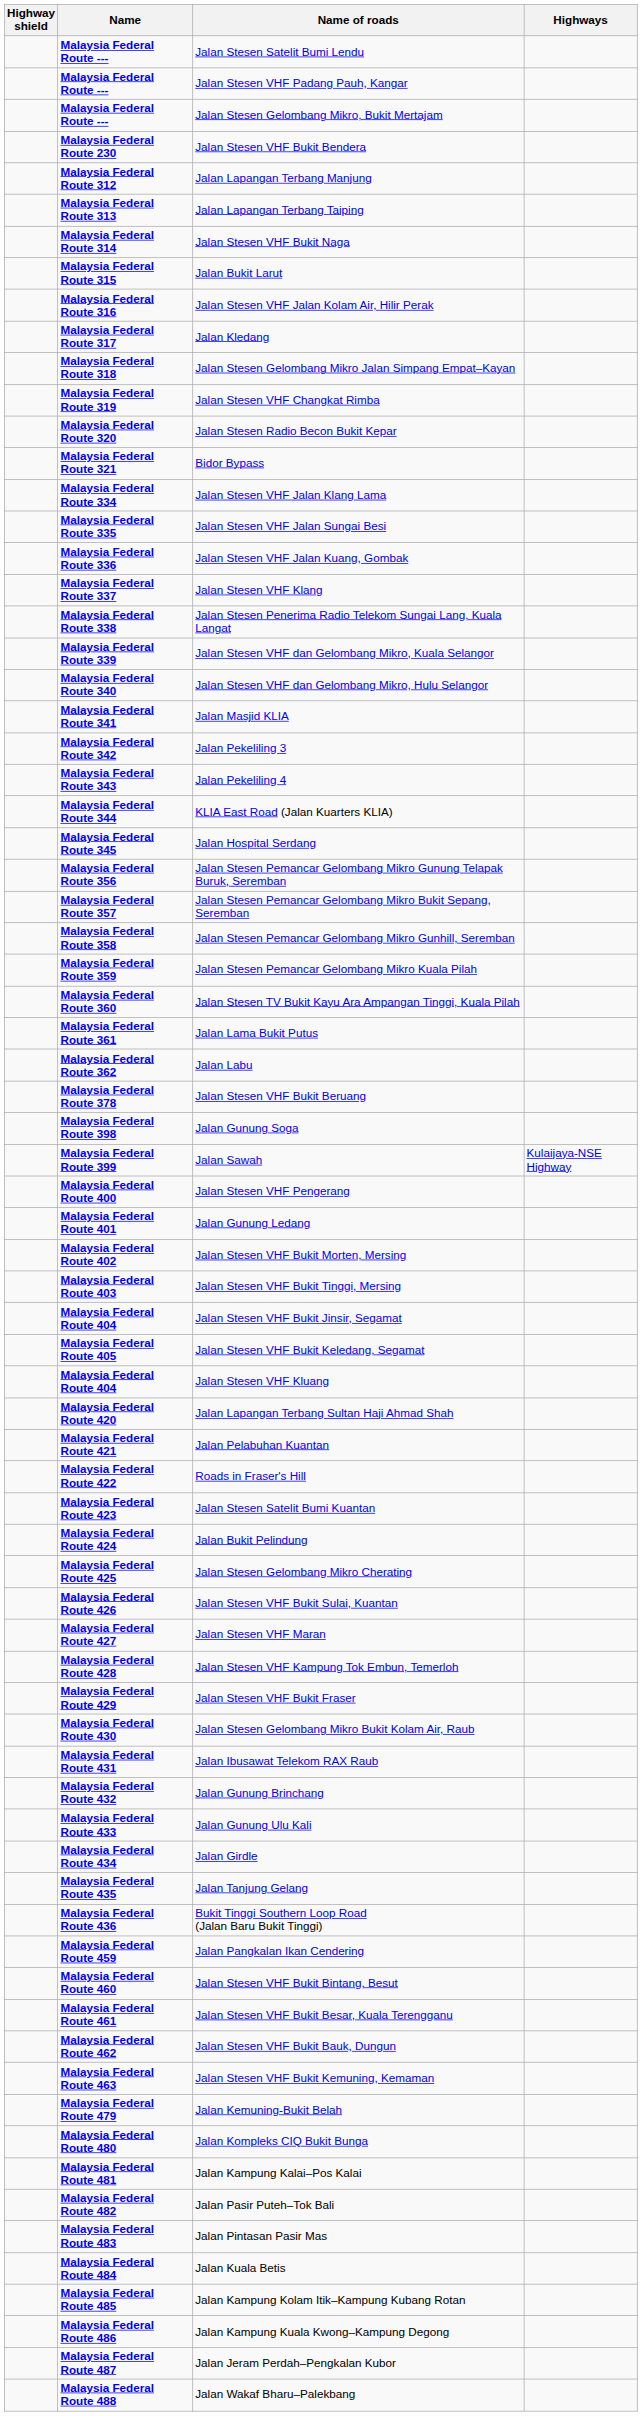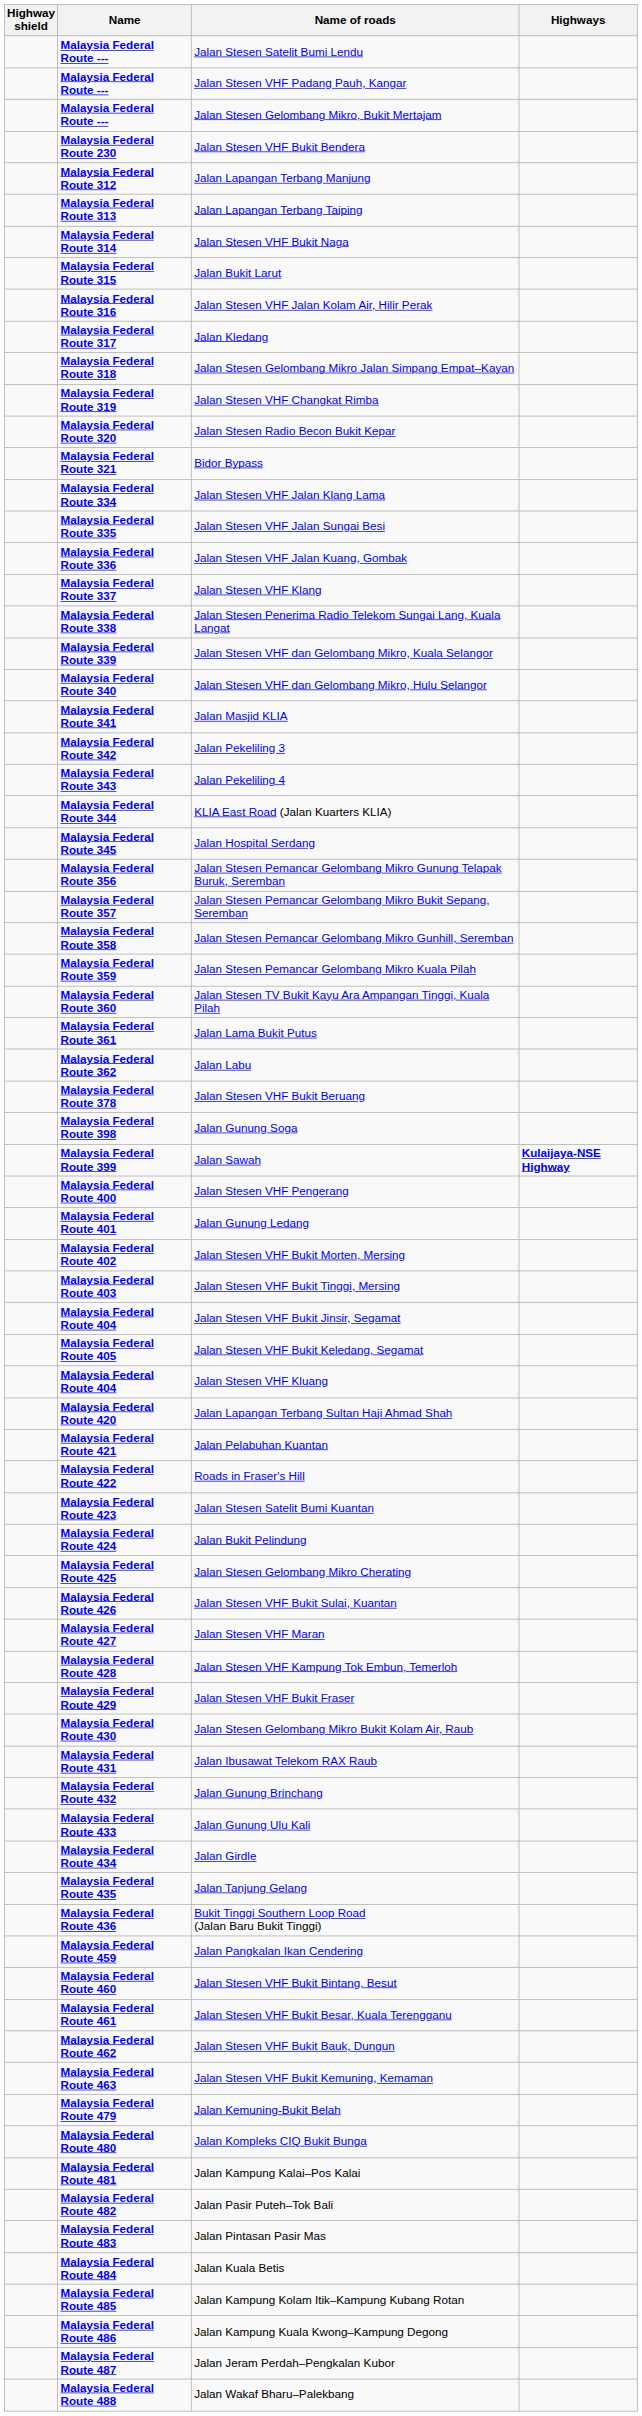 <table class="wikitable">
 <tr>
 <th>Highway <br>shield</th>
 <th>Name</th>
 <th>Name of roads</th>
 <th>Highways</th>
 </tr>
 <tr>
 <td></td>
 <td><strong><a href='#'>Malaysia Federal Route ---</a></strong></td>
 <td><a href='#'>Jalan Stesen Satelit Bumi Lendu</a></td>
 <td></td>
 </tr>
 <tr>
 <td></td>
 <td><strong><a href='#'>Malaysia Federal Route ---</a></strong></td>
 <td><a href='#'>Jalan Stesen VHF Padang Pauh, Kangar</a></td>
 <td></td>
 </tr>
 <tr>
 <td></td>
 <td><strong><a href='#'>Malaysia Federal Route ---</a></strong></td>
 <td><a href='#'>Jalan Stesen Gelombang Mikro, Bukit Mertajam</a></td>
 <td></td>
 </tr>
 <tr>
 <td></td>
 <td><strong><a href='#'>Malaysia Federal Route 230</a></strong></td>
 <td><a href='#'>Jalan Stesen VHF Bukit Bendera</a></td>
 <td></td>
 </tr>
 <tr>
 <td></td>
 <td><strong><a href='#'>Malaysia Federal Route 312</a></strong></td>
 <td><a href='#'>Jalan Lapangan Terbang Manjung</a></td>
 <td></td>
 </tr>
 <tr>
 <td></td>
 <td><strong><a href='#'>Malaysia Federal Route 313</a></strong></td>
 <td><a href='#'>Jalan Lapangan Terbang Taiping</a></td>
 <td></td>
 </tr>
 <tr>
 <td></td>
 <td><strong><a href='#'>Malaysia Federal Route 314</a></strong></td>
 <td><a href='#'>Jalan Stesen VHF Bukit Naga</a></td>
 <td></td>
 </tr>
 <tr>
 <td></td>
 <td><strong><a href='#'>Malaysia Federal Route 315</a></strong></td>
 <td><a href='#'>Jalan Bukit Larut</a></td>
 <td></td>
 </tr>
 <tr>
 <td></td>
 <td><strong><a href='#'>Malaysia Federal Route 316</a></strong></td>
 <td><a href='#'>Jalan Stesen VHF Jalan Kolam Air, Hilir Perak</a></td>
 <td></td>
 </tr>
 <tr>
 <td></td>
 <td><strong><a href='#'>Malaysia Federal Route 317</a></strong></td>
 <td><a href='#'>Jalan Kledang</a></td>
 <td></td>
 </tr>
 <tr>
 <td></td>
 <td><strong><a href='#'>Malaysia Federal Route 318</a></strong></td>
 <td><a href='#'>Jalan Stesen Gelombang Mikro Jalan Simpang Empat–Kayan</a></td>
 <td></td>
 </tr>
 <tr>
 <td></td>
 <td><strong><a href='#'>Malaysia Federal Route 319</a></strong></td>
 <td><a href='#'>Jalan Stesen VHF Changkat Rimba</a></td>
 <td></td>
 </tr>
 <tr>
 <td></td>
 <td><strong><a href='#'>Malaysia Federal Route 320</a></strong></td>
 <td><a href='#'>Jalan Stesen Radio Becon Bukit Kepar</a></td>
 <td></td>
 </tr>
 <tr>
 <td></td>
 <td><strong><a href='#'>Malaysia Federal Route 321</a></strong></td>
 <td><a href='#'>Bidor Bypass</a></td>
 </tr>
 <tr>
 <td></td>
 <td><strong><a href='#'>Malaysia Federal Route 334</a></strong></td>
 <td><a href='#'>Jalan Stesen VHF Jalan Klang Lama</a></td>
 <td></td>
 </tr>
 <tr>
 <td></td>
 <td><strong><a href='#'>Malaysia Federal Route 335</a></strong></td>
 <td><a href='#'>Jalan Stesen VHF Jalan Sungai Besi</a></td>
 <td></td>
 </tr>
 <tr>
 <td></td>
 <td><strong><a href='#'>Malaysia Federal Route 336</a></strong></td>
 <td><a href='#'>Jalan Stesen VHF Jalan Kuang, Gombak</a></td>
 <td></td>
 </tr>
 <tr>
 <td></td>
 <td><strong><a href='#'>Malaysia Federal Route 337</a></strong></td>
 <td><a href='#'>Jalan Stesen VHF Klang</a></td>
 <td></td>
 </tr>
 <tr>
 <td></td>
 <td><strong><a href='#'>Malaysia Federal Route 338</a></strong></td>
 <td><a href='#'>Jalan Stesen Penerima Radio Telekom Sungai Lang, Kuala Langat</a></td>
 <td></td>
 </tr>
 <tr>
 <td></td>
 <td><strong><a href='#'>Malaysia Federal Route 339</a></strong></td>
 <td><a href='#'>Jalan Stesen VHF dan Gelombang Mikro, Kuala Selangor</a></td>
 <td></td>
 </tr>
 <tr>
 <td></td>
 <td><strong><a href='#'>Malaysia Federal Route 340</a></strong></td>
 <td><a href='#'>Jalan Stesen VHF dan Gelombang Mikro, Hulu Selangor</a></td>
 <td></td>
 </tr>
 <tr>
 <td></td>
 <td><strong><a href='#'>Malaysia Federal Route 341</a></strong></td>
 <td><a href='#'>Jalan Masjid KLIA</a></td>
 <td></td>
 </tr>
 <tr>
 <td></td>
 <td><strong><a href='#'>Malaysia Federal Route 342</a></strong></td>
 <td><a href='#'>Jalan Pekeliling 3</a></td>
 <td></td>
 </tr>
 <tr>
 <td></td>
 <td><strong><a href='#'>Malaysia Federal Route 343</a></strong></td>
 <td><a href='#'>Jalan Pekeliling 4</a></td>
 <td></td>
 </tr>
 <tr>
 <td></td>
 <td><strong><a href='#'>Malaysia Federal Route 344</a></strong></td>
 <td><a href='#'>KLIA East Road</a> (Jalan Kuarters KLIA)</td>
 <td></td>
 </tr>
 <tr>
 <td></td>
 <td><strong><a href='#'>Malaysia Federal Route 345</a></strong></td>
 <td><a href='#'>Jalan Hospital Serdang</a></td>
 <td></td>
 </tr>
 <tr>
 <td></td>
 <td><strong><a href='#'>Malaysia Federal Route 356</a></strong></td>
 <td><a href='#'>Jalan Stesen Pemancar Gelombang Mikro Gunung Telapak Buruk, Seremban</a></td>
 <td></td>
 </tr>
 <tr>
 <td></td>
 <td><strong><a href='#'>Malaysia Federal Route 357</a></strong></td>
 <td><a href='#'>Jalan Stesen Pemancar Gelombang Mikro Bukit Sepang, Seremban</a></td>
 <td></td>
 </tr>
 <tr>
 <td></td>
 <td><strong><a href='#'>Malaysia Federal Route 358</a></strong></td>
 <td><a href='#'>Jalan Stesen Pemancar Gelombang Mikro Gunhill, Seremban</a></td>
 <td></td>
 </tr>
 <tr>
 <td></td>
 <td><strong><a href='#'>Malaysia Federal Route 359</a></strong></td>
 <td><a href='#'>Jalan Stesen Pemancar Gelombang Mikro Kuala Pilah</a></td>
 <td></td>
 </tr>
 <tr>
 <td></td>
 <td><strong><a href='#'>Malaysia Federal Route 360</a></strong></td>
 <td><a href='#'>Jalan Stesen TV Bukit Kayu Ara Ampangan Tinggi, Kuala Pilah</a></td>
 <td></td>
 </tr>
 <tr>
 <td></td>
 <td><strong><a href='#'>Malaysia Federal Route 361</a></strong></td>
 <td><a href='#'>Jalan Lama Bukit Putus</a></td>
 <td></td>
 </tr>
 <tr>
 <td></td>
 <td><strong><a href='#'>Malaysia Federal Route 362</a></strong></td>
 <td><a href='#'>Jalan Labu</a></td>
 <td></td>
 </tr>
 <tr>
 <td></td>
 <td><strong><a href='#'>Malaysia Federal Route 378</a></strong></td>
 <td><a href='#'>Jalan Stesen VHF Bukit Beruang</a></td>
 <td></td>
 </tr>
 <tr>
 <td></td>
 <td><strong><a href='#'>Malaysia Federal Route 398</a></strong></td>
 <td><a href='#'>Jalan Gunung Soga</a></td>
 <td></td>
 </tr>
 <tr>
 <td></td>
 <td><strong><a href='#'>Malaysia Federal Route 399</a></strong></td>
 <td><a href='#'>Jalan Sawah</a></td>
-<td><a href='#'>Kulaijaya-NSE Highway</a></td>
+<td><strong><a href='#'>Kulaijaya-NSE Highway</a></strong></td>
 </tr>
 <tr>
 <td></td>
 <td><strong><a href='#'>Malaysia Federal Route 400</a></strong></td>
 <td><a href='#'>Jalan Stesen VHF Pengerang</a></td>
 <td></td>
 </tr>
 <tr>
 <td></td>
 <td><strong><a href='#'>Malaysia Federal Route 401</a></strong></td>
 <td><a href='#'>Jalan Gunung Ledang</a></td>
 <td></td>
 </tr>
 <tr>
 <td></td>
 <td><strong><a href='#'>Malaysia Federal Route 402</a></strong></td>
 <td><a href='#'>Jalan Stesen VHF Bukit Morten, Mersing</a></td>
 <td></td>
 </tr>
 <tr>
 <td></td>
 <td><strong><a href='#'>Malaysia Federal Route 403</a></strong></td>
 <td><a href='#'>Jalan Stesen VHF Bukit Tinggi, Mersing</a></td>
 <td></td>
 </tr>
 <tr>
 <td></td>
 <td><strong><a href='#'>Malaysia Federal Route 404</a></strong></td>
 <td><a href='#'>Jalan Stesen VHF Bukit Jinsir, Segamat</a></td>
 <td></td>
 </tr>
 <tr>
 <td></td>
 <td><strong><a href='#'>Malaysia Federal Route 405</a></strong></td>
 <td><a href='#'>Jalan Stesen VHF Bukit Keledang, Segamat</a></td>
 <td></td>
 </tr>
 <tr>
 <td></td>
 <td><strong><a href='#'>Malaysia Federal Route 404</a></strong></td>
 <td><a href='#'>Jalan Stesen VHF Kluang</a></td>
 <td></td>
 </tr>
 <tr>
 <td></td>
 <td><strong><a href='#'>Malaysia Federal Route 420</a></strong></td>
 <td><a href='#'>Jalan Lapangan Terbang Sultan Haji Ahmad Shah</a></td>
 <td></td>
 </tr>
 <tr>
 <td></td>
 <td><strong><a href='#'>Malaysia Federal Route 421</a></strong></td>
 <td><a href='#'>Jalan Pelabuhan Kuantan</a></td>
 <td></td>
 </tr>
 <tr>
 <td></td>
 <td><strong><a href='#'>Malaysia Federal Route 422</a></strong></td>
 <td><a href='#'>Roads in Fraser's Hill</a></td>
 <td></td>
 </tr>
 <tr>
 <td></td>
 <td><strong><a href='#'>Malaysia Federal Route 423</a></strong></td>
 <td><a href='#'>Jalan Stesen Satelit Bumi Kuantan</a></td>
 <td></td>
 </tr>
 <tr>
 <td></td>
 <td><strong><a href='#'>Malaysia Federal Route 424</a></strong></td>
 <td><a href='#'>Jalan Bukit Pelindung</a></td>
 <td></td>
 </tr>
 <tr>
 <td></td>
 <td><strong><a href='#'>Malaysia Federal Route 425</a></strong></td>
 <td><a href='#'>Jalan Stesen Gelombang Mikro Cherating</a></td>
 <td></td>
 </tr>
 <tr>
 <td></td>
 <td><strong><a href='#'>Malaysia Federal Route 426</a></strong></td>
 <td><a href='#'>Jalan Stesen VHF Bukit Sulai, Kuantan</a></td>
 <td></td>
 </tr>
 <tr>
 <td></td>
 <td><strong><a href='#'>Malaysia Federal Route 427</a></strong></td>
 <td><a href='#'>Jalan Stesen VHF Maran</a></td>
 <td></td>
 </tr>
 <tr>
 <td></td>
 <td><strong><a href='#'>Malaysia Federal Route 428</a></strong></td>
 <td><a href='#'>Jalan Stesen VHF Kampung Tok Embun, Temerloh</a></td>
 <td></td>
 </tr>
 <tr>
 <td></td>
 <td><strong><a href='#'>Malaysia Federal Route 429</a></strong></td>
 <td><a href='#'>Jalan Stesen VHF Bukit Fraser</a></td>
 <td></td>
 </tr>
 <tr>
 <td></td>
 <td><strong><a href='#'>Malaysia Federal Route 430</a></strong></td>
 <td><a href='#'>Jalan Stesen Gelombang Mikro Bukit Kolam Air, Raub</a></td>
 <td></td>
 </tr>
 <tr>
 <td></td>
 <td><strong><a href='#'>Malaysia Federal Route 431</a></strong></td>
 <td><a href='#'>Jalan Ibusawat Telekom RAX Raub</a></td>
 <td></td>
 </tr>
 <tr>
 <td></td>
 <td><strong><a href='#'>Malaysia Federal Route 432</a></strong></td>
 <td><a href='#'>Jalan Gunung Brinchang</a></td>
 <td></td>
 </tr>
 <tr>
 <td></td>
 <td><strong><a href='#'>Malaysia Federal Route 433</a></strong></td>
 <td><a href='#'>Jalan Gunung Ulu Kali</a></td>
 <td></td>
 </tr>
 <tr>
 <td></td>
 <td><strong><a href='#'>Malaysia Federal Route 434</a></strong></td>
 <td><a href='#'>Jalan Girdle</a></td>
 <td></td>
 </tr>
 <tr>
 <td></td>
 <td><strong><a href='#'>Malaysia Federal Route 435</a></strong></td>
 <td><a href='#'>Jalan Tanjung Gelang</a></td>
 <td></td>
 </tr>
 <tr>
 <td></td>
 <td><strong><a href='#'>Malaysia Federal Route 436</a></strong></td>
 <td><a href='#'>Bukit Tinggi Southern Loop Road</a><br>(Jalan Baru Bukit Tinggi)</td>
 <td></td>
 </tr>
 <tr>
 <td></td>
 <td><strong><a href='#'>Malaysia Federal Route 459</a></strong></td>
 <td><a href='#'>Jalan Pangkalan Ikan Cendering</a></td>
 <td></td>
 </tr>
 <tr>
 <td></td>
 <td><strong><a href='#'>Malaysia Federal Route 460</a></strong></td>
 <td><a href='#'>Jalan Stesen VHF Bukit Bintang, Besut</a></td>
 <td></td>
 </tr>
 <tr>
 <td></td>
 <td><strong><a href='#'>Malaysia Federal Route 461</a></strong></td>
 <td><a href='#'>Jalan Stesen VHF Bukit Besar, Kuala Terengganu</a></td>
 <td></td>
 </tr>
 <tr>
 <td></td>
 <td><strong><a href='#'>Malaysia Federal Route 462</a></strong></td>
 <td><a href='#'>Jalan Stesen VHF Bukit Bauk, Dungun</a></td>
 <td></td>
 </tr>
 <tr>
 <td></td>
 <td><strong><a href='#'>Malaysia Federal Route 463</a></strong></td>
 <td><a href='#'>Jalan Stesen VHF Bukit Kemuning, Kemaman</a></td>
 <td></td>
 </tr>
 <tr>
 <td></td>
 <td><strong><a href='#'>Malaysia Federal Route 479</a></strong></td>
 <td><a href='#'>Jalan Kemuning-Bukit Belah </a></td>
 <td></td>
 </tr>
 <tr>
 <td></td>
 <td><strong><a href='#'>Malaysia Federal Route 480</a></strong></td>
 <td><a href='#'>Jalan Kompleks CIQ Bukit Bunga</a></td>
 <td></td>
 </tr>
 <tr>
 <td></td>
 <td><strong><a href='#'>Malaysia Federal Route 481</a></strong></td>
 <td>Jalan Kampung Kalai–Pos Kalai</td>
 <td></td>
 </tr>
 <tr>
 <td></td>
 <td><strong><a href='#'>Malaysia Federal Route 482</a></strong></td>
 <td>Jalan Pasir Puteh–Tok Bali</td>
 <td></td>
 </tr>
 <tr>
 <td></td>
 <td><strong><a href='#'>Malaysia Federal Route 483</a></strong></td>
 <td>Jalan Pintasan Pasir Mas</td>
 <td></td>
 </tr>
 <tr>
 <td></td>
 <td><strong><a href='#'>Malaysia Federal Route 484</a></strong></td>
 <td>Jalan Kuala Betis</td>
 <td></td>
 </tr>
 <tr>
 <td></td>
 <td><strong><a href='#'>Malaysia Federal Route 485</a></strong></td>
 <td>Jalan Kampung Kolam Itik–Kampung Kubang Rotan</td>
 <td></td>
 </tr>
 <tr>
 <td></td>
 <td><strong><a href='#'>Malaysia Federal Route 486</a></strong></td>
 <td>Jalan Kampung Kuala Kwong–Kampung Degong</td>
 <td></td>
 </tr>
 <tr>
 <td></td>
 <td><strong><a href='#'>Malaysia Federal Route 487</a></strong></td>
 <td>Jalan Jeram Perdah–Pengkalan Kubor</td>
 <td></td>
 </tr>
 <tr>
 <td></td>
 <td><strong><a href='#'>Malaysia Federal Route 488</a></strong></td>
 <td>Jalan Wakaf Bharu–Palekbang</td>
 <td></td>
 </tr>
 </table>
